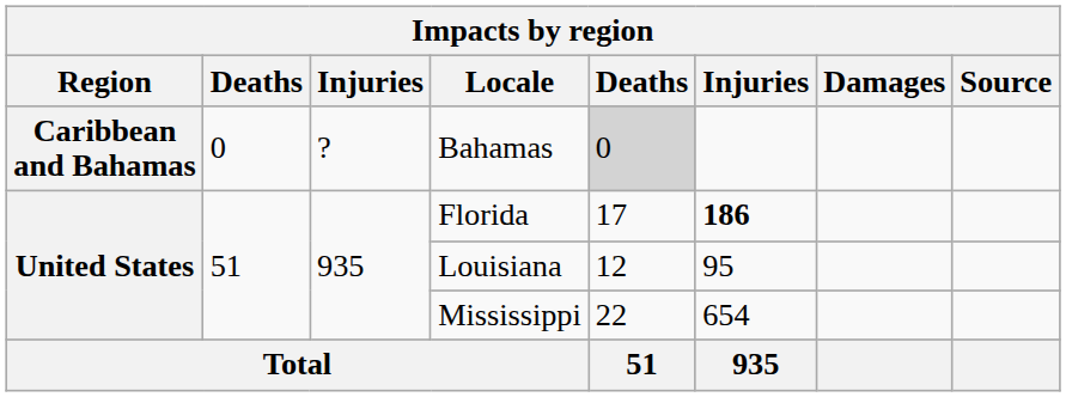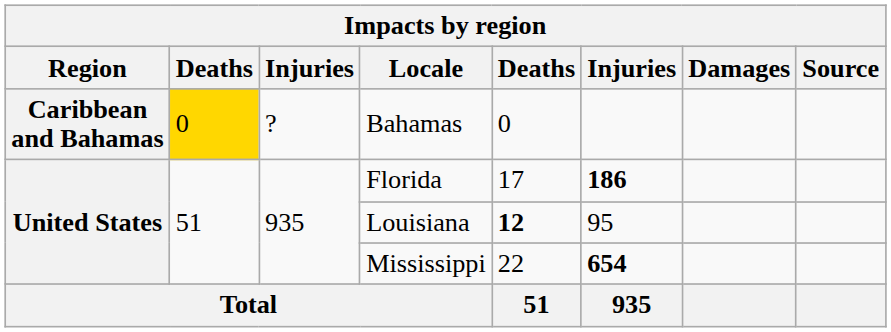 <table class="wikitable"  style="float:left; margin:10px;">
 <tr>
 <th colspan=8>Impacts by region</th>
 </tr>
 <tr>
 <th>Region</th>
 <th>Deaths</th>
 <th>Injuries</th>
 <th>Locale</th>
 <th>Deaths</th>
 <th>Injuries</th>
 <th>Damages</th>
 <th>Source</th>
 </tr>
 <tr>
 <th rowspan=1>Caribbean<br> and Bahamas</th>
-<td rowspan=1>0</td>
+<td rowspan=1 style="background: gold;">0</td>
 <td rowspan=1>?</td>
 <td>Bahamas</td>
-<td style="background: lightgrey;">0</td>
+<td>0</td>
 <td></td>
 <td></td>
 <td></td>
 </tr>
 <tr>
 <th rowspan=3>United States</th>
 <td rowspan=3>51</td>
 <td rowspan=3>935</td>
 <td>Florida</td>
 <td>17</td>
 <td><strong>186</strong></td>
 <td></td>
 <td></td>
 </tr>
 <tr>
 <td>Louisiana</td>
-<td>12</td>
+<td><strong>12</strong></td>
 <td>95</td>
 <td></td>
 <td></td>
 </tr>
 <tr>
 <td>Mississippi</td>
 <td>22</td>
-<td>654</td>
+<td><strong>654</strong></td>
 <td></td>
 <td></td>
 </tr>
 <tr>
 <th colspan=4>Total</th>
 <th colspan>51</th>
 <th colspan>935</th>
 <th colspan></th>
 <th colspan></th>
 </tr>
 </table>
